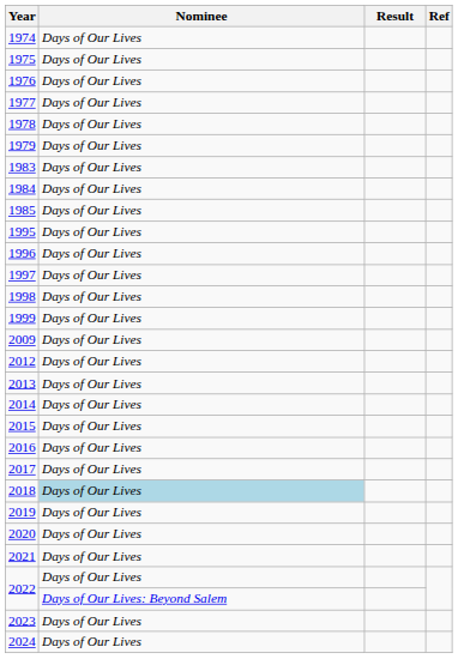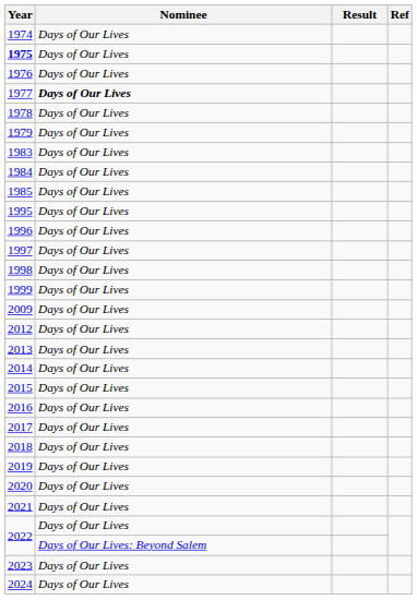 <table class="wikitable">
 <tr>
 <th>Year</th>
 <th style="width:375px;">Nominee</th>
 <th width="65">Result</th>
 <th>Ref</th>
 </tr>
 <tr>
 <td><a href='#'>1974</a></td>
 <td><em>Days of Our Lives</em></td>
 <td></td>
 <td></td>
 </tr>
 <tr>
-<td><a href='#'>1975</a></td>
+<td><strong><a href='#'>1975</a></strong></td>
 <td><em>Days of Our Lives</em></td>
 <td></td>
 <td></td>
 </tr>
 <tr>
 <td><a href='#'>1976</a></td>
 <td><em>Days of Our Lives</em></td>
 <td></td>
 <td></td>
 </tr>
 <tr>
 <td><a href='#'>1977</a></td>
-<td><em>Days of Our Lives</em></td>
+<td><strong><em>Days of Our Lives</em></strong></td>
 <td></td>
 <td></td>
 </tr>
 <tr>
 <td><a href='#'>1978</a></td>
 <td><em>Days of Our Lives</em></td>
 <td></td>
 <td></td>
 </tr>
 <tr>
 <td><a href='#'>1979</a></td>
 <td><em>Days of Our Lives</em></td>
 <td></td>
 <td></td>
 </tr>
 <tr>
 <td><a href='#'>1983</a></td>
 <td><em>Days of Our Lives</em></td>
 <td></td>
 <td></td>
 </tr>
 <tr>
 <td><a href='#'>1984</a></td>
 <td><em>Days of Our Lives</em></td>
 <td></td>
 <td></td>
 </tr>
 <tr>
 <td><a href='#'>1985</a></td>
 <td><em>Days of Our Lives</em></td>
 <td></td>
 <td></td>
 </tr>
 <tr>
 <td><a href='#'>1995</a></td>
 <td><em>Days of Our Lives</em></td>
 <td></td>
 <td></td>
 </tr>
 <tr>
 <td><a href='#'>1996</a></td>
 <td><em>Days of Our Lives</em></td>
 <td></td>
 <td></td>
 </tr>
 <tr>
 <td><a href='#'>1997</a></td>
 <td><em>Days of Our Lives</em></td>
 <td></td>
 <td></td>
 </tr>
 <tr>
 <td><a href='#'>1998</a></td>
 <td><em>Days of Our Lives</em></td>
 <td></td>
 <td></td>
 </tr>
 <tr>
 <td><a href='#'>1999</a></td>
 <td><em>Days of Our Lives</em></td>
 <td></td>
 <td></td>
 </tr>
 <tr>
 <td><a href='#'>2009</a></td>
 <td><em>Days of Our Lives</em></td>
 <td></td>
 <td></td>
 </tr>
 <tr>
 <td><a href='#'>2012</a></td>
 <td><em>Days of Our Lives</em></td>
 <td></td>
 <td></td>
 </tr>
 <tr>
 <td><a href='#'>2013</a></td>
 <td><em>Days of Our Lives</em></td>
 <td></td>
 <td></td>
 </tr>
 <tr>
 <td><a href='#'>2014</a></td>
 <td><em>Days of Our Lives</em></td>
 <td></td>
 <td></td>
 </tr>
 <tr>
 <td><a href='#'>2015</a></td>
 <td><em>Days of Our Lives</em></td>
 <td></td>
 <td></td>
 </tr>
 <tr>
 <td><a href='#'>2016</a></td>
 <td><em>Days of Our Lives</em></td>
 <td></td>
 <td></td>
 </tr>
 <tr>
 <td><a href='#'>2017</a></td>
 <td><em>Days of Our Lives</em></td>
 <td></td>
 <td></td>
 </tr>
 <tr>
 <td><a href='#'>2018</a></td>
-<td style="background: lightblue;"><em>Days of Our Lives</em></td>
+<td><em>Days of Our Lives</em></td>
 <td></td>
 <td></td>
 </tr>
 <tr>
 <td><a href='#'>2019</a></td>
 <td><em>Days of Our Lives</em></td>
 <td></td>
 <td></td>
 </tr>
 <tr>
 <td><a href='#'>2020</a></td>
 <td><em>Days of Our Lives</em></td>
 <td></td>
 <td></td>
 </tr>
 <tr>
 <td><a href='#'>2021</a></td>
 <td><em>Days of Our Lives</em></td>
 <td></td>
 <td></td>
 </tr>
 <tr>
 <td rowspan="2"><a href='#'>2022</a></td>
 <td><em>Days of Our Lives</em></td>
 <td></td>
 <td rowspan="2"></td>
 </tr>
 <tr>
 <td><em><a href='#'>Days of Our Lives: Beyond Salem</a></em></td>
 <td></td>
 </tr>
 <tr>
 <td><a href='#'>2023</a></td>
 <td><em>Days of Our Lives</em></td>
 <td></td>
 <td></td>
 </tr>
 <tr>
 <td><a href='#'>2024</a></td>
 <td><em>Days of Our Lives</em></td>
 <td></td>
 <td></td>
 </tr>
 </table>
